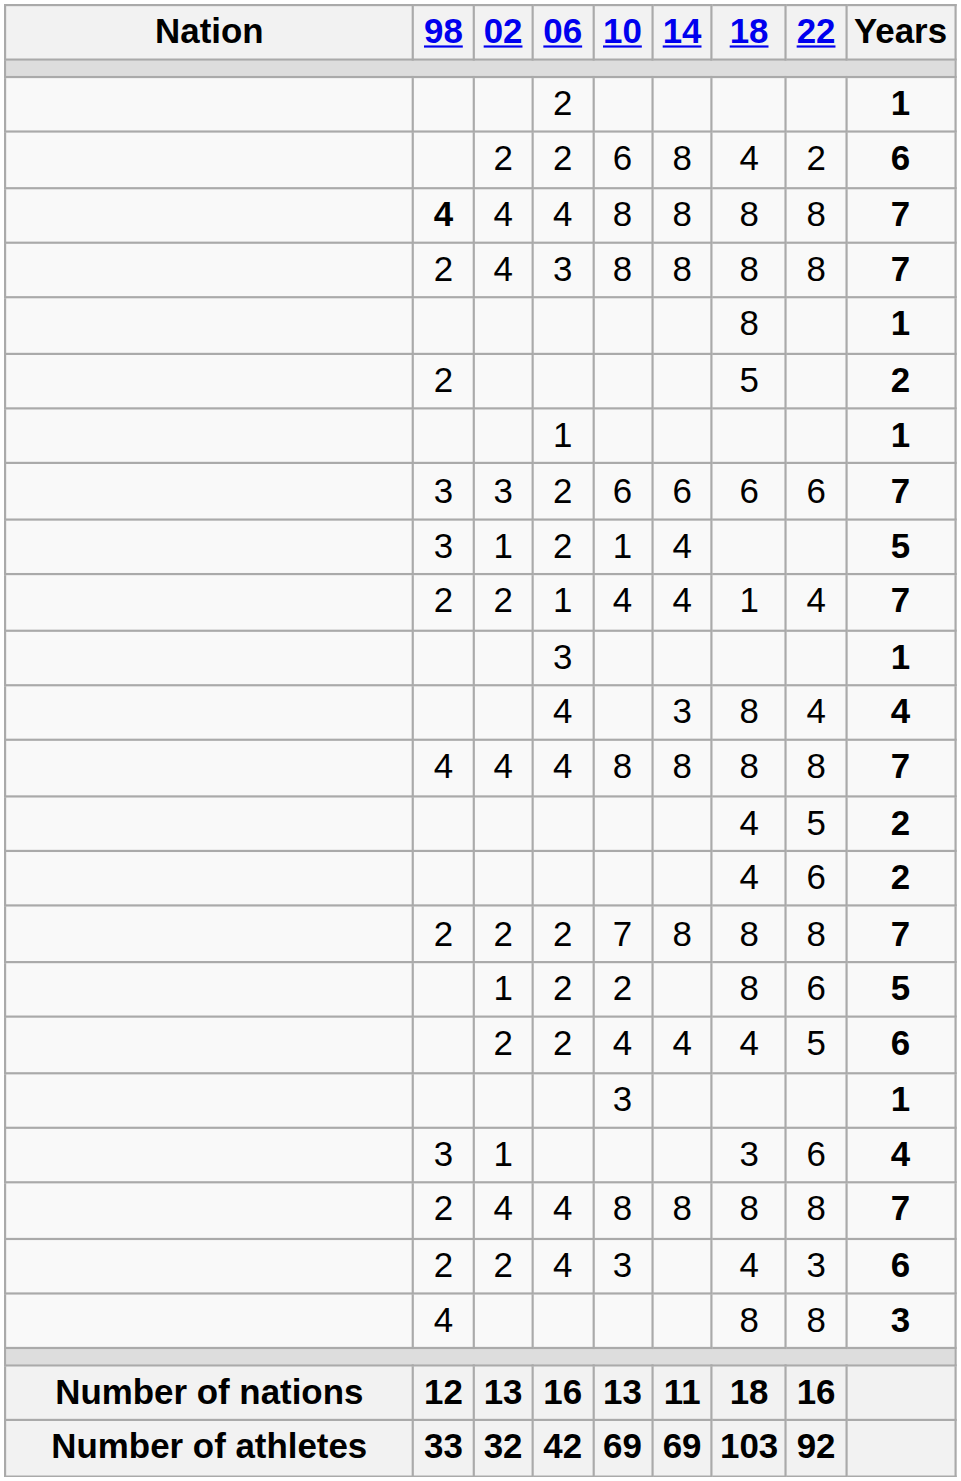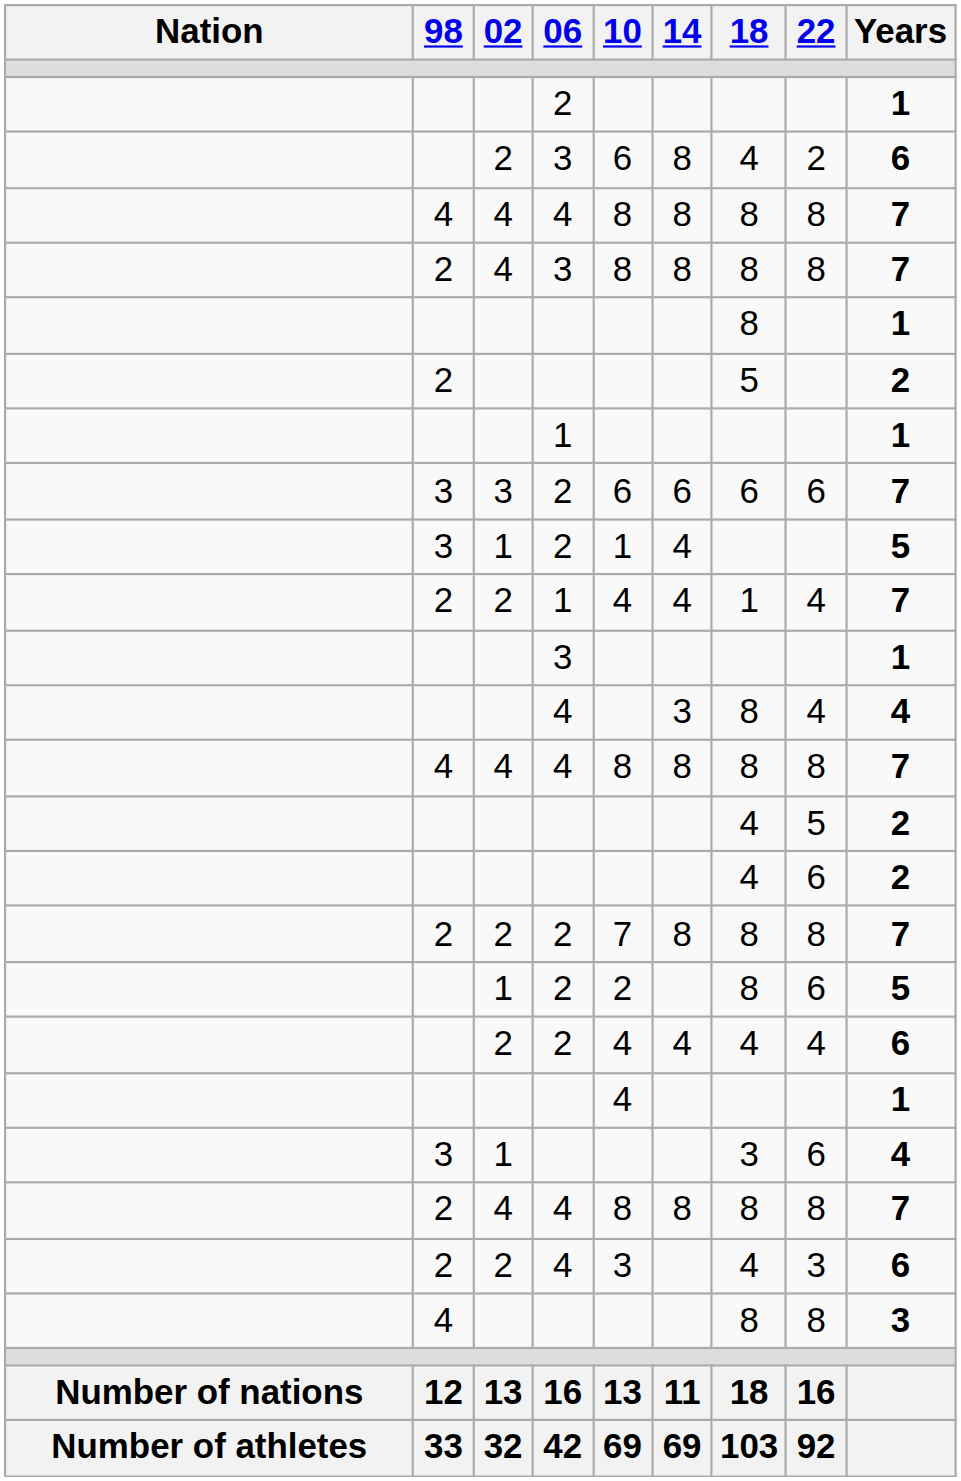 <table class="wikitable" style="text-align:center;">
 <tr>
 <th width=180>Nation</th>
 <th width=20><a href='#'>98</a></th>
 <th width=20><a href='#'>02</a></th>
 <th width=20><a href='#'>06</a></th>
 <th width=20><a href='#'>10</a></th>
 <th width=20><a href='#'>14</a></th>
 <th width=20><a href='#'>18</a></th>
 <th width=20><a href='#'>22</a></th>
 <th width=40>Years</th>
 </tr>
 <tr bgcolor=#DDDDDD>
 <td colspan=9></td>
 </tr>
 <tr>
 <td align=left></td>
 <td></td>
 <td></td>
 <td>2</td>
 <td></td>
 <td></td>
 <td></td>
 <td></td>
 <td><strong>1</strong></td>
 </tr>
 <tr>
 <td align=left></td>
 <td></td>
 <td>2</td>
-<td>2</td>
+<td>3</td>
 <td>6</td>
 <td>8</td>
 <td>4</td>
 <td>2</td>
 <td><strong>6</strong></td>
 </tr>
 <tr>
 <td align=left></td>
-<td><strong>4</strong></td>
+<td>4</td>
 <td>4</td>
 <td>4</td>
 <td>8</td>
 <td>8</td>
 <td>8</td>
 <td>8</td>
 <td><strong>7</strong></td>
 </tr>
 <tr>
 <td align=left></td>
 <td>2</td>
 <td>4</td>
 <td>3</td>
 <td>8</td>
 <td>8</td>
 <td>8</td>
 <td>8</td>
 <td><strong>7</strong></td>
 </tr>
 <tr>
 <td align=left></td>
 <td></td>
 <td></td>
 <td></td>
 <td></td>
 <td></td>
 <td>8</td>
 <td></td>
 <td><strong>1</strong></td>
 </tr>
 <tr>
 <td align=left></td>
 <td>2</td>
 <td></td>
 <td></td>
 <td></td>
 <td></td>
 <td>5</td>
 <td></td>
 <td><strong>2</strong></td>
 </tr>
 <tr>
 <td align=left></td>
 <td></td>
 <td></td>
 <td>1</td>
 <td></td>
 <td></td>
 <td></td>
 <td></td>
 <td><strong>1</strong></td>
 </tr>
 <tr>
 <td align=left></td>
 <td>3</td>
 <td>3</td>
 <td>2</td>
 <td>6</td>
 <td>6</td>
 <td>6</td>
 <td>6</td>
 <td><strong>7</strong></td>
 </tr>
 <tr>
 <td align=left></td>
 <td>3</td>
 <td>1</td>
 <td>2</td>
 <td>1</td>
 <td>4</td>
 <td></td>
 <td></td>
 <td><strong>5</strong></td>
 </tr>
 <tr>
 <td align=left></td>
 <td>2</td>
 <td>2</td>
 <td>1</td>
 <td>4</td>
 <td>4</td>
 <td>1</td>
 <td>4</td>
 <td><strong>7</strong></td>
 </tr>
 <tr>
 <td align=left></td>
 <td></td>
 <td></td>
 <td>3</td>
 <td></td>
 <td></td>
 <td></td>
 <td></td>
 <td><strong>1</strong></td>
 </tr>
 <tr>
 <td align=left></td>
 <td></td>
 <td></td>
 <td>4</td>
 <td></td>
 <td>3</td>
 <td>8</td>
 <td>4</td>
 <td><strong>4</strong></td>
 </tr>
 <tr>
 <td align=left></td>
 <td>4</td>
 <td>4</td>
 <td>4</td>
 <td>8</td>
 <td>8</td>
 <td>8</td>
 <td>8</td>
 <td><strong>7</strong></td>
 </tr>
 <tr>
 <td align=left></td>
 <td></td>
 <td></td>
 <td></td>
 <td></td>
 <td></td>
 <td>4</td>
 <td>5</td>
 <td><strong>2</strong></td>
 </tr>
 <tr>
 <td align=left></td>
 <td></td>
 <td></td>
 <td></td>
 <td></td>
 <td></td>
 <td>4</td>
 <td>6</td>
 <td><strong>2</strong></td>
 </tr>
 <tr>
 <td align=left></td>
 <td>2</td>
 <td>2</td>
 <td>2</td>
 <td>7</td>
 <td>8</td>
 <td>8</td>
 <td>8</td>
 <td><strong>7</strong></td>
 </tr>
 <tr>
 <td align=left></td>
 <td></td>
 <td>1</td>
 <td>2</td>
 <td>2</td>
 <td></td>
 <td>8</td>
 <td>6</td>
 <td><strong>5</strong></td>
 </tr>
 <tr>
 <td align=left></td>
 <td></td>
 <td>2</td>
 <td>2</td>
 <td>4</td>
 <td>4</td>
 <td>4</td>
-<td>5</td>
+<td>4</td>
 <td><strong>6</strong></td>
 </tr>
 <tr>
 <td align=left></td>
 <td></td>
 <td></td>
 <td></td>
-<td>3</td>
+<td>4</td>
 <td></td>
 <td></td>
 <td></td>
 <td><strong>1</strong></td>
 </tr>
 <tr>
 <td align=left></td>
 <td>3</td>
 <td>1</td>
 <td></td>
 <td></td>
 <td></td>
 <td>3</td>
 <td>6</td>
 <td><strong>4</strong></td>
 </tr>
 <tr>
 <td align=left></td>
 <td>2</td>
 <td>4</td>
 <td>4</td>
 <td>8</td>
 <td>8</td>
 <td>8</td>
 <td>8</td>
 <td><strong>7</strong></td>
 </tr>
 <tr>
 <td align=left></td>
 <td>2</td>
 <td>2</td>
 <td>4</td>
 <td>3</td>
 <td></td>
 <td>4</td>
 <td>3</td>
 <td><strong>6</strong></td>
 </tr>
 <tr>
 <td align=left></td>
 <td>4</td>
 <td></td>
 <td></td>
 <td></td>
 <td></td>
 <td>8</td>
 <td>8</td>
 <td><strong>3</strong></td>
 </tr>
 <tr bgcolor=#DDDDDD>
 <td colspan=9></td>
 </tr>
 <tr>
 <th>Number of nations</th>
 <th>12</th>
 <th>13</th>
 <th>16</th>
 <th>13</th>
 <th>11</th>
 <th>18</th>
 <th>16</th>
 <th></th>
 </tr>
 <tr>
 <th>Number of athletes</th>
 <th>33</th>
 <th>32</th>
 <th>42</th>
 <th>69</th>
 <th>69</th>
 <th>103</th>
 <th>92</th>
 <th></th>
 </tr>
 </table>
